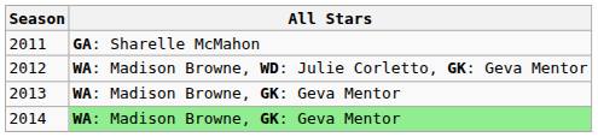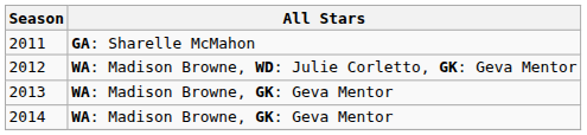 <table class="wikitable collapsible">
 <tr>
 <th>Season</th>
 <th>All Stars</th>
 </tr>
 <tr>
 <td>2011</td>
 <td><strong>GA</strong>: Sharelle McMahon</td>
 </tr>
 <tr>
 <td>2012</td>
 <td><strong>WA</strong>: Madison Browne, <strong>WD</strong>: Julie Corletto, <strong>GK</strong>: Geva Mentor</td>
 </tr>
 <tr>
 <td>2013</td>
 <td><strong>WA</strong>: Madison Browne, <strong>GK</strong>: Geva Mentor</td>
 </tr>
 <tr>
 <td>2014</td>
-<td style="background: lightgreen;"><strong>WA</strong>: Madison Browne, <strong>GK</strong>: Geva Mentor</td>
+<td><strong>WA</strong>: Madison Browne, <strong>GK</strong>: Geva Mentor</td>
 </tr>
 <tr>
 </tr>
 </table>
